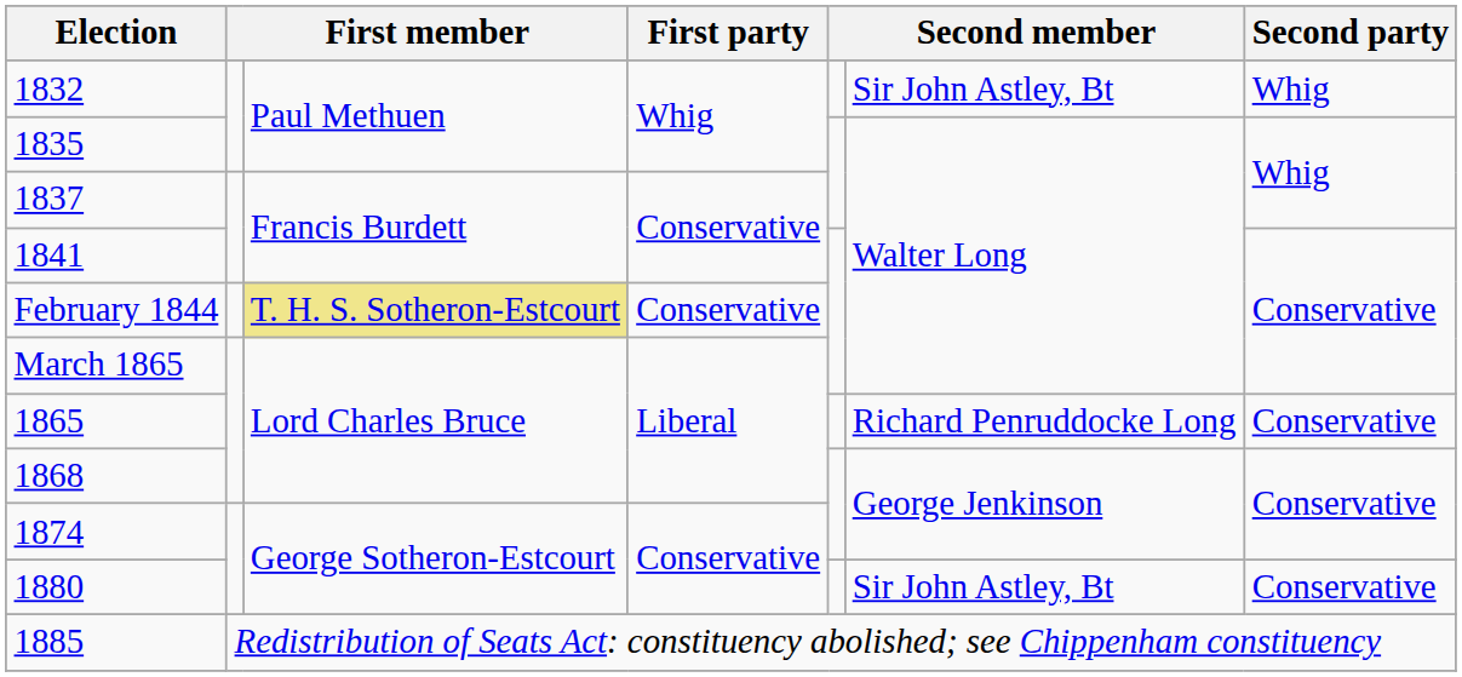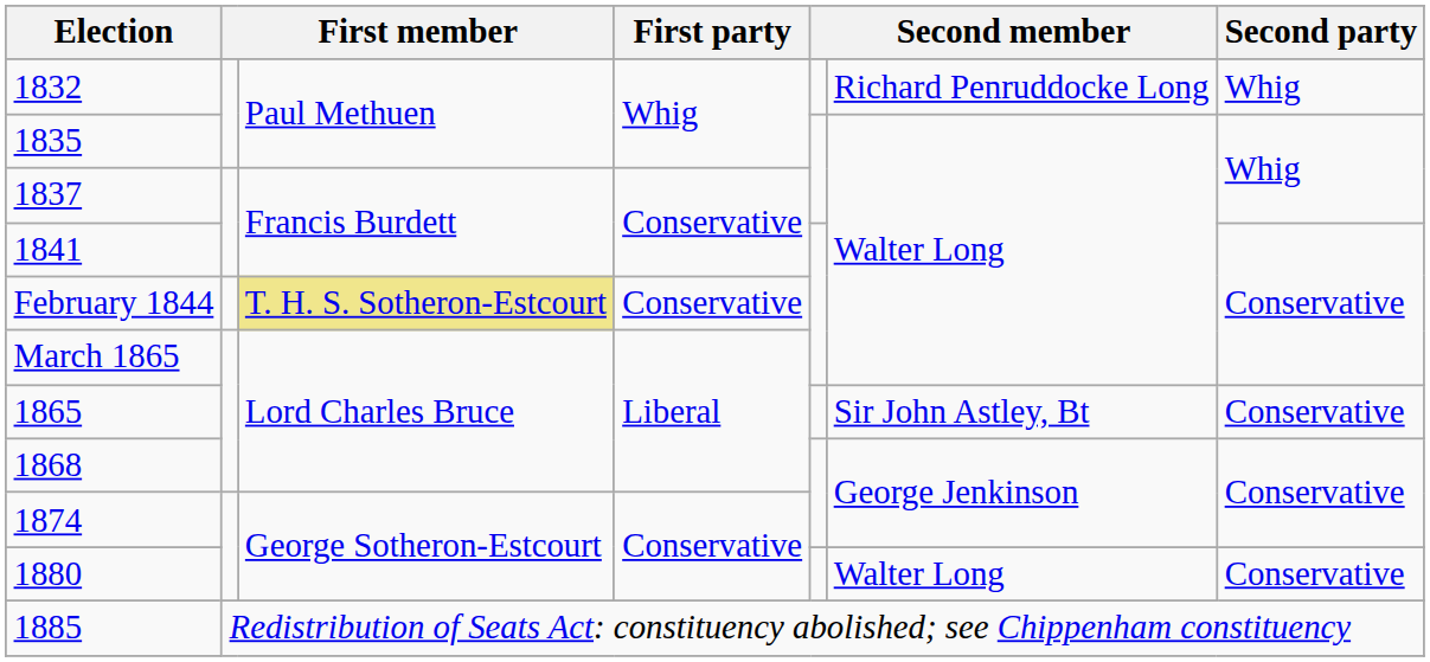 <table class="wikitable">
 <tr>
 <th>Election</th>
 <th colspan="2">First member</th>
 <th>First party</th>
 <th colspan="2">Second member</th>
 <th>Second party</th>
 </tr>
 <tr>
 <td><a href='#'>1832</a></td>
 <td rowspan="2" style="color:inherit;background-color: "></td>
 <td rowspan="2"><a href='#'>Paul Methuen</a> 	 </td>
 <td rowspan="2"><a href='#'>Whig</a></td>
 <td style="color:inherit;background-color: "></td>
-<td><a href='#'>Sir John Astley, Bt</a> 	 </td>
+<td><a href='#'>Richard Penruddocke Long</a> 	 </td>
 <td><a href='#'>Whig</a></td>
 </tr>
 <tr>
 <td><a href='#'>1835</a></td>
 <td rowspan="2" style="color:inherit;background-color: "></td>
 <td rowspan="5"><a href='#'>Walter Long</a> 	 </td>
 <td rowspan="2"><a href='#'>Whig</a></td>
 </tr>
 <tr>
 <td><a href='#'>1837</a></td>
 <td rowspan="2" style="color:inherit;background-color: "></td>
 <td rowspan="2"><a href='#'>Francis Burdett</a> 	 </td>
 <td rowspan="2"><a href='#'>Conservative</a></td>
 </tr>
 <tr>
 <td><a href='#'>1841</a></td>
 <td rowspan="3" style="color:inherit;background-color: "></td>
 <td rowspan="3"><a href='#'>Conservative</a></td>
 </tr>
 <tr>
 <td><a href='#'>February 1844</a></td>
 <td style="color:inherit;background-color: "></td>
 <td style="background: khaki;"><a href='#'>T. H. S. Sotheron-Estcourt</a></td>
 <td><a href='#'>Conservative</a></td>
 </tr>
 <tr>
 <td><a href='#'>March 1865</a></td>
 <td rowspan="3" style="color:inherit;background-color: "></td>
 <td rowspan="3"><a href='#'>Lord Charles Bruce</a> 	 </td>
 <td rowspan="3"><a href='#'>Liberal</a></td>
 </tr>
 <tr>
 <td><a href='#'>1865</a></td>
 <td style="color:inherit;background-color: "></td>
-<td><a href='#'>Richard Penruddocke Long</a> 	 </td>
+<td><a href='#'>Sir John Astley, Bt</a> 	 </td>
 <td><a href='#'>Conservative</a></td>
 </tr>
 <tr>
 <td><a href='#'>1868</a></td>
 <td rowspan="2" style="color:inherit;background-color: "></td>
 <td rowspan="2"><a href='#'>George Jenkinson</a> 	 </td>
 <td rowspan="2"><a href='#'>Conservative</a></td>
 </tr>
 <tr>
 <td><a href='#'>1874</a></td>
 <td rowspan="2" style="color:inherit;background-color: "></td>
 <td rowspan="2"><a href='#'>George Sotheron-Estcourt</a> 	 </td>
 <td rowspan="2"><a href='#'>Conservative</a></td>
 </tr>
 <tr>
 <td><a href='#'>1880</a></td>
 <td style="color:inherit;background-color: "></td>
-<td><a href='#'>Sir John Astley, Bt</a> 	 </td>
+<td><a href='#'>Walter Long</a></td>
 <td><a href='#'>Conservative</a></td>
 </tr>
 <tr>
 <td><a href='#'>1885</a></td>
 <td colspan="6"><em><a href='#'>Redistribution of Seats Act</a>: constituency abolished; see <a href='#'>Chippenham constituency</a></em></td>
 </tr>
 </table>
